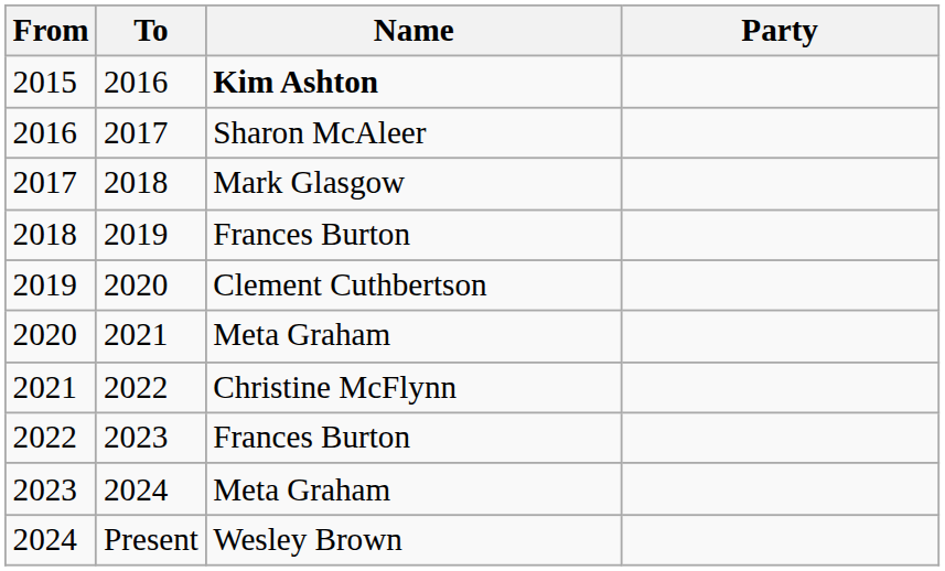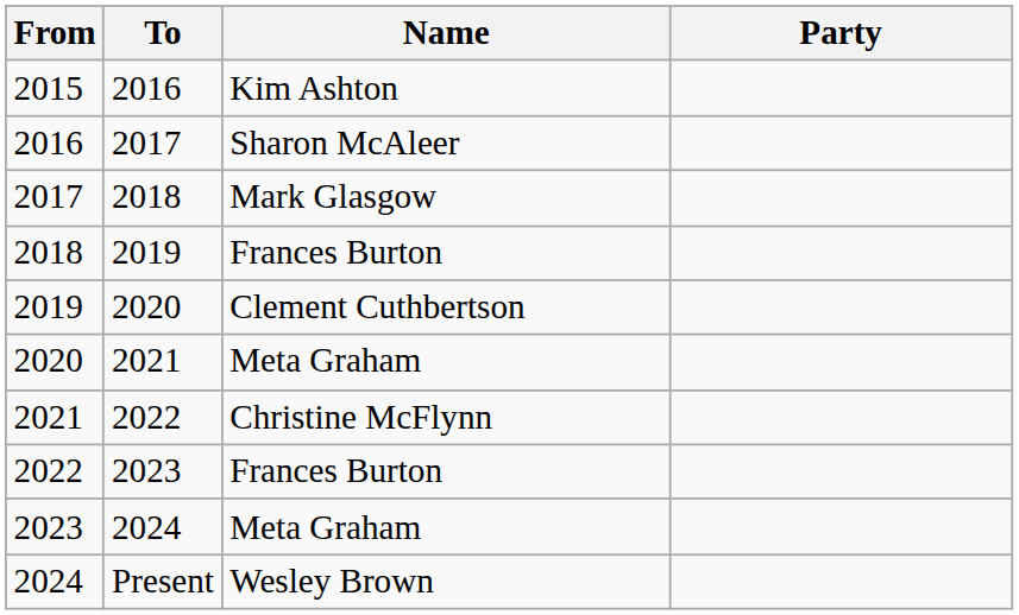 <table class="wikitable sortable">
 <tr>
 <th>From</th>
 <th>To</th>
 <th scope="col" width="200">Name</th>
 <th scope="col" width="150" colspan=2>Party</th>
 </tr>
 <tr>
 <td>2015</td>
 <td>2016</td>
-<td><strong>Kim Ashton</strong></td>
+<td>Kim Ashton</td>
 <td></td>
 </tr>
 <tr>
 <td>2016</td>
 <td>2017</td>
 <td>Sharon McAleer</td>
 <td></td>
 </tr>
 <tr>
 <td>2017</td>
 <td>2018</td>
 <td>Mark Glasgow</td>
 <td></td>
 </tr>
 <tr>
 <td>2018</td>
 <td>2019</td>
 <td>Frances Burton</td>
 <td></td>
 </tr>
 <tr>
 <td>2019</td>
 <td>2020</td>
 <td>Clement Cuthbertson</td>
 <td></td>
 </tr>
 <tr>
 <td>2020</td>
 <td>2021</td>
 <td>Meta Graham</td>
 <td></td>
 </tr>
 <tr>
 <td>2021</td>
 <td>2022</td>
 <td>Christine McFlynn</td>
 <td></td>
 </tr>
 <tr>
 <td>2022</td>
 <td>2023</td>
 <td>Frances Burton</td>
 <td></td>
 </tr>
 <tr>
 <td>2023</td>
 <td>2024</td>
 <td>Meta Graham</td>
 <td></td>
 </tr>
 <tr>
 <td>2024</td>
 <td>Present</td>
 <td>Wesley Brown</td>
 <td></td>
 </tr>
 </table>
